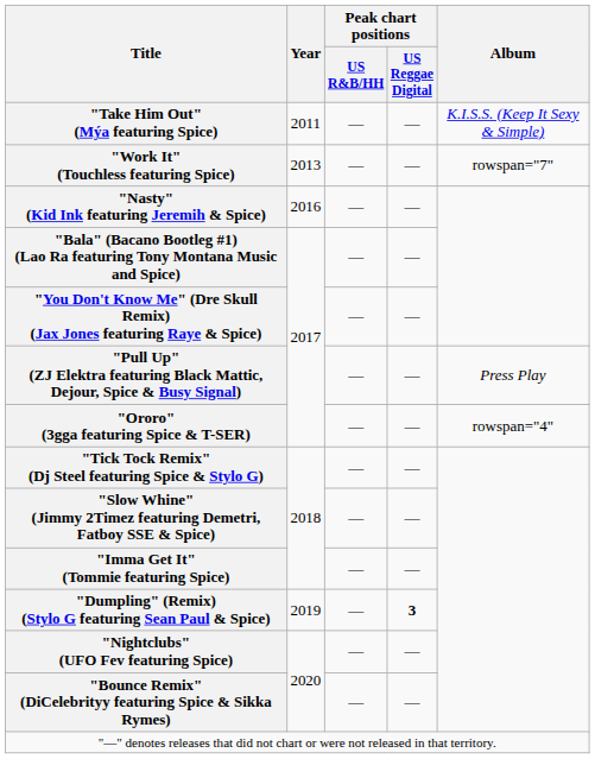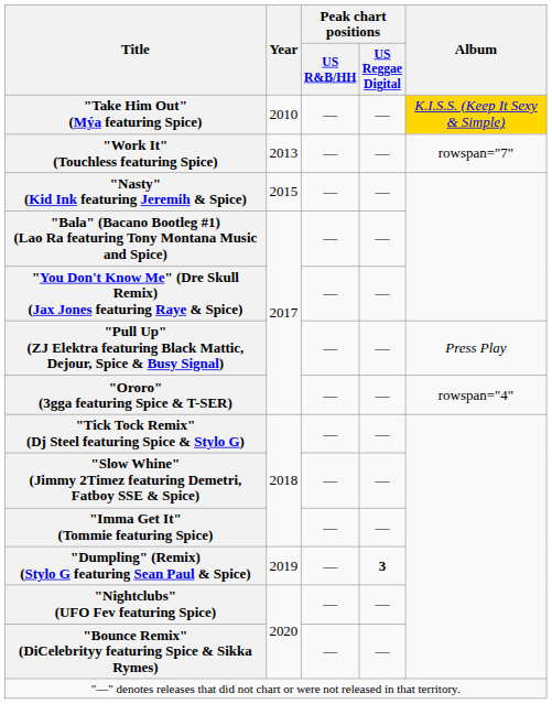 <table class="wikitable plainrowheaders" style="text-align:center;">
 <tr>
 <th scope="col" rowspan="2">Title</th>
 <th scope="col" rowspan="2">Year</th>
 <th scope="col" colspan="2">Peak chart positions</th>
 <th scope="col" rowspan="2">Album</th>
 </tr>
 <tr>
 <th scope="col" style="width:2.5em;font-size:90%;"><a href='#'>US<br>R&B/HH</a><br></th>
 <th scope="col" style="width:2.5em;font-size:90%;"><a href='#'>US Reggae Digital</a><br> </th>
 </tr>
 <tr>
 <th scope="row">"Take Him Out"<br><span>(<a href='#'>Mýa</a> featuring Spice)</span></th>
-<td>2011</td>
+<td>2010</td>
 <td>—</td>
 <td>—</td>
-<td><em><a href='#'>K.I.S.S. (Keep It Sexy & Simple)</a></em></td>
+<td style="background: gold;"><em><a href='#'>K.I.S.S. (Keep It Sexy & Simple)</a></em></td>
 </tr>
 <tr>
 <th scope="row">"Work It"<br><span>(Touchless featuring Spice)</span></th>
 <td>2013</td>
 <td>—</td>
 <td>—</td>
 <td>rowspan="7" </td>
 </tr>
 <tr>
 <th scope="row">"Nasty"<br><span>(<a href='#'>Kid Ink</a> featuring <a href='#'>Jeremih</a> & Spice)</span></th>
-<td>2016</td>
+<td>2015</td>
 <td>—</td>
 <td>—</td>
 </tr>
 <tr>
 <th scope="row">"Bala" (Bacano Bootleg #1)<br><span>(Lao Ra featuring Tony Montana Music and Spice)</span></th>
 <td rowspan="4">2017</td>
 <td>—</td>
 <td>—</td>
 </tr>
 <tr>
 <th scope="row">"<a href='#'>You Don't Know Me</a>" (Dre Skull Remix)<br><span>(<a href='#'>Jax Jones</a> featuring <a href='#'>Raye</a> & Spice)</span></th>
 <td>—</td>
 <td>—</td>
 </tr>
 <tr>
 <th scope="row">"Pull Up"<br><span>(ZJ Elektra featuring Black Mattic, Dejour, Spice & <a href='#'>Busy Signal</a>)</span></th>
 <td>—</td>
 <td>—</td>
 <td><em>Press Play</em></td>
 </tr>
 <tr>
 <th scope="row">"Ororo"<br><span>(3gga featuring Spice & T-SER)</span></th>
 <td>—</td>
 <td>—</td>
 <td>rowspan="4" </td>
 </tr>
 <tr>
 <th scope="row">"Tick Tock Remix"<br><span>(Dj Steel featuring Spice & <a href='#'>Stylo G</a>)</span></th>
 <td rowspan="3">2018</td>
 <td>—</td>
 <td>—</td>
 </tr>
 <tr>
 <th scope="row">"Slow Whine"<br><span>(Jimmy 2Timez featuring Demetri, Fatboy SSE & Spice)</span></th>
 <td>—</td>
 <td>—</td>
 </tr>
 <tr>
 <th scope="row">"Imma Get It"<br><span>(Tommie featuring Spice)</span></th>
 <td>—</td>
 <td>—</td>
 </tr>
 <tr>
 <th scope="row">"Dumpling" (Remix)<br><span>(<a href='#'>Stylo G</a> featuring <a href='#'>Sean Paul</a> & Spice)</span></th>
 <td>2019</td>
 <td>—</td>
 <td><strong>3</strong></td>
 </tr>
 <tr>
 <th scope="row">"Nightclubs"<br><span>(UFO Fev featuring Spice)</span></th>
 <td rowspan="2">2020</td>
 <td>—</td>
 <td>—</td>
 </tr>
 <tr>
 <th scope="row">"Bounce Remix"<br><span>(DiCelebrityy featuring Spice & Sikka Rymes)</span></th>
 <td>—</td>
 <td>—</td>
 </tr>
 <tr>
 <td colspan="14" style="font-size:85%">"—" denotes releases that did not chart or were not released in that territory.</td>
 </tr>
 </table>
